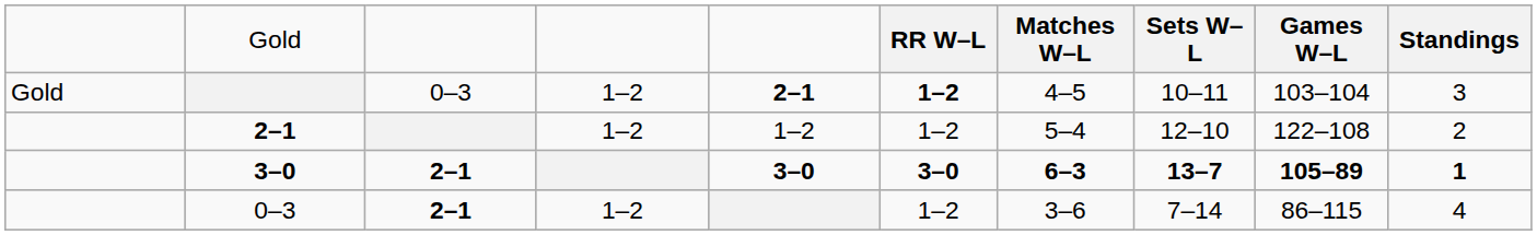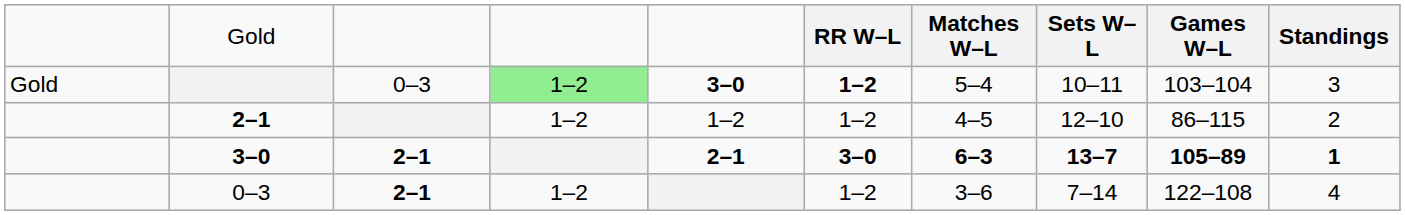 <table class="wikitable" style="width: 100%; text-align:center; font-size:90%">
 <tr>
 <td width=130></td>
 <td width=130> Gold</td>
 <td width=130></td>
 <td width=130><strong></strong></td>
 <td width=130></td>
 <th width=80>RR W–L</th>
 <th width=80>Matches W–L</th>
 <th width=80>Sets W–L</th>
 <th width=80>Games W–L</th>
 <th width=80>Standings</th>
 </tr>
 <tr>
 <td style="text-align:left;"> Gold</td>
 <th bgcolor="ededed"></th>
 <td>0–3</td>
-<td>1–2</td>
-<td><strong>2–1</strong></td>
+<td style="background: lightgreen;">1–2</td>
+<td><strong>3–0</strong></td>
 <td><strong>1–2</strong></td>
-<td>4–5</td>
+<td>5–4</td>
 <td>10–11</td>
 <td>103–104</td>
 <td>3</td>
 </tr>
 <tr>
 <td style="text-align:left;"></td>
 <td><strong>2–1</strong></td>
 <th bgcolor="ededed"></th>
 <td>1–2</td>
 <td>1–2</td>
 <td>1–2</td>
-<td>5–4</td>
+<td>4–5</td>
 <td>12–10</td>
-<td>122–108</td>
+<td>86–115</td>
 <td>2</td>
 </tr>
 <tr>
 <td style="text-align:left;"><strong></strong></td>
 <td><strong>3–0</strong></td>
 <td><strong>2–1</strong></td>
 <th bgcolor="ededed"></th>
-<td><strong>3–0</strong></td>
+<td><strong>2–1</strong></td>
 <td><strong>3–0</strong></td>
 <td><strong>6–3</strong></td>
 <td><strong>13–7</strong></td>
 <td><strong>105–89</strong></td>
 <td><strong>1</strong></td>
 </tr>
 <tr>
 <td style="text-align:left;"></td>
 <td>0–3</td>
 <td><strong>2–1</strong></td>
 <td>1–2</td>
 <th bgcolor="ededed"></th>
 <td>1–2</td>
 <td>3–6</td>
 <td>7–14</td>
-<td>86–115</td>
+<td>122–108</td>
 <td>4</td>
 </tr>
 </table>
